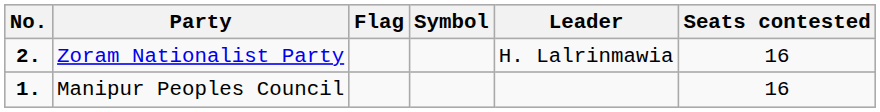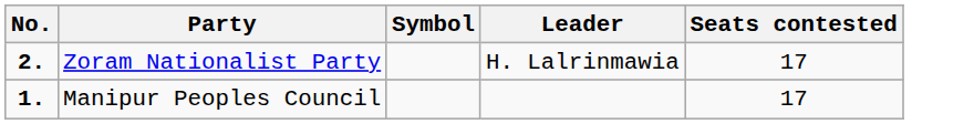 <table class="wikitable">
 <tr>
 <th>No.</th>
 <th>Party</th>
-<th>Flag</th>
 <th>Symbol</th>
 <th>Leader</th>
 <th>Seats contested</th>
 </tr>
 <tr>
 <td ! style="text-align:center; background:"><strong>2.</strong></td>
 <td style="text-align:center"><a href='#'>Zoram Nationalist Party</a></td>
 <td></td>
-<td></td>
 <td style="text-align:center">H. Lalrinmawia</td>
-<td style="text-align:center">16</td>
+<td style="text-align:center">17</td>
 </tr>
 <tr>
 <td ! style="text-align:center; background:"><strong>1.</strong></td>
 <td style="text-align:center">Manipur Peoples Council</td>
 <td></td>
-<td></td>
 <td style="text-align:center"></td>
-<td style="text-align:center">16</td>
+<td style="text-align:center">17</td>
 </tr>
 </table>
